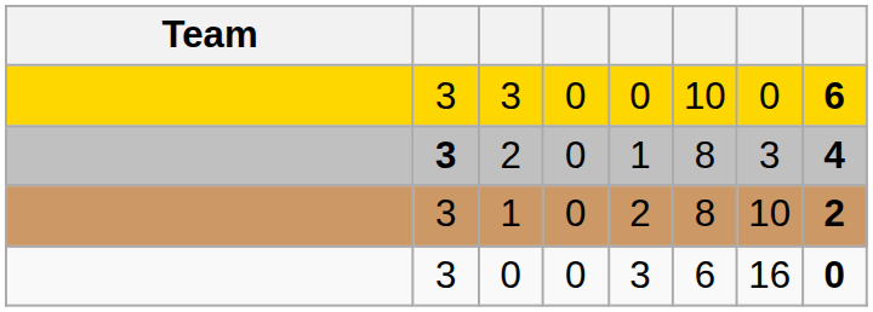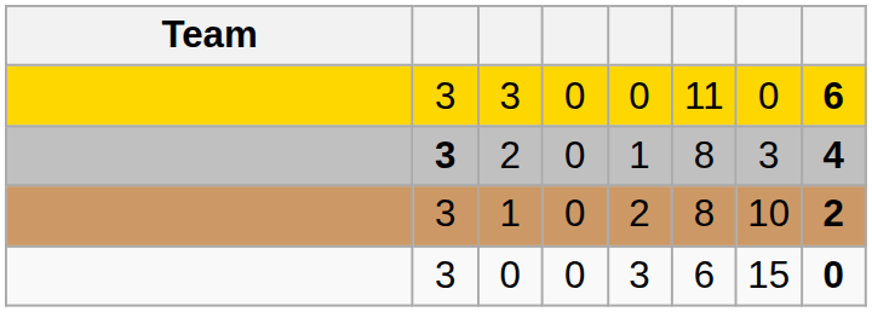 <table class="wikitable" style="text-align:center;">
 <tr>
 <th width=165>Team</th>
 <th width=20></th>
 <th width=20></th>
 <th width=20></th>
 <th width=20></th>
 <th width=20></th>
 <th width=20></th>
 <th width=20></th>
 </tr>
 <tr style="background:gold;">
 <td align="left"></td>
 <td>3</td>
 <td>3</td>
 <td>0</td>
 <td>0</td>
-<td>10</td>
+<td>11</td>
 <td>0</td>
 <td><strong>6</strong></td>
 </tr>
 <tr style="background:silver;">
 <td align="left"></td>
 <td><strong>3</strong></td>
 <td>2</td>
 <td>0</td>
 <td>1</td>
 <td>8</td>
 <td>3</td>
 <td><strong>4</strong></td>
 </tr>
 <tr style="background:#c96;">
 <td align="left"></td>
 <td>3</td>
 <td>1</td>
 <td>0</td>
 <td>2</td>
 <td>8</td>
 <td>10</td>
 <td><strong>2</strong></td>
 </tr>
 <tr>
 <td align="left"></td>
 <td>3</td>
 <td>0</td>
 <td>0</td>
 <td>3</td>
 <td>6</td>
-<td>16</td>
+<td>15</td>
 <td><strong>0</strong></td>
 </tr>
 </table>
